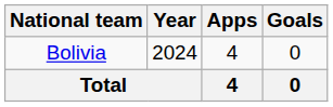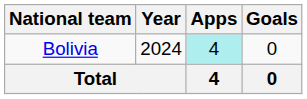 <table class="wikitable" style="text-align:center">
 <tr>
 <th>National team</th>
 <th>Year</th>
 <th>Apps</th>
 <th>Goals</th>
 </tr>
 <tr>
 <td rowspan="1"><a href='#'>Bolivia</a></td>
 <td>2024</td>
-<td>4</td>
+<td style="background: paleturquoise;">4</td>
 <td>0</td>
 </tr>
 <tr>
 <th colspan="2">Total</th>
 <th>4</th>
 <th>0</th>
 </tr>
 </table>
